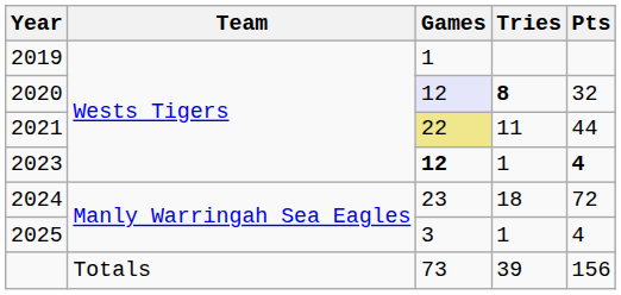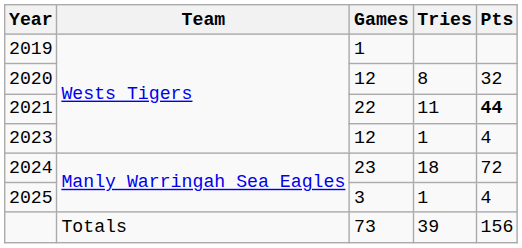 <table class="wikitable">
 <tr>
 <th>Year</th>
 <th>Team</th>
 <th>Games</th>
 <th>Tries</th>
 <th>Pts</th>
 </tr>
 <tr>
 <td>2019</td>
 <td rowspan="4"> <a href='#'>Wests Tigers</a></td>
 <td>1</td>
 <td></td>
 <td></td>
 </tr>
 <tr>
 <td>2020</td>
-<td style="background: lavender;">12</td>
-<td><strong>8</strong></td>
+<td>12</td>
+<td>8</td>
 <td>32</td>
 </tr>
 <tr>
 <td>2021</td>
-<td style="background: khaki;">22</td>
+<td>22</td>
 <td>11</td>
-<td>44</td>
+<td><strong>44</strong></td>
 </tr>
 <tr>
 <td>2023</td>
-<td><strong>12</strong></td>
+<td>12</td>
 <td>1</td>
-<td><strong>4</strong></td>
+<td>4</td>
 </tr>
 <tr>
 <td>2024</td>
 <td rowspan="2"> <a href='#'>Manly Warringah Sea Eagles</a></td>
 <td>23</td>
 <td>18</td>
 <td>72</td>
 </tr>
 <tr>
 <td>2025</td>
 <td>3</td>
 <td>1</td>
 <td>4</td>
 </tr>
 <tr>
 <td></td>
 <td>Totals</td>
 <td>73</td>
 <td>39</td>
 <td>156</td>
 </tr>
 </table>
